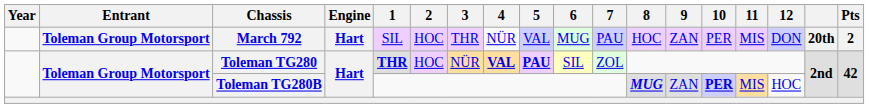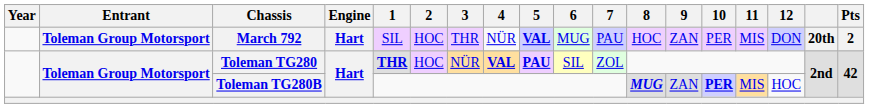 <table class="wikitable" style="text-align:center; font-size:85%">
 <tr>
 <th>Year</th>
 <th>Entrant</th>
 <th>Chassis</th>
 <th>Engine</th>
 <th>1</th>
 <th>2</th>
 <th>3</th>
 <th>4</th>
 <th>5</th>
 <th>6</th>
 <th>7</th>
 <th>8</th>
 <th>9</th>
 <th>10</th>
 <th>11</th>
 <th>12</th>
 <th></th>
 <th>Pts</th>
 </tr>
 <tr>
 <td></td>
 <th nowrap><a href='#'>Toleman Group Motorsport</a></th>
 <th nowrap><a href='#'>March 792</a></th>
 <th nowrap><a href='#'>Hart</a></th>
 <td style="background:#EFCFFF;"><a href='#'>SIL</a><br></td>
 <td style="background:#EFCFFF;"><a href='#'>HOC</a><br></td>
 <td style="background:#EFCFFF;"><a href='#'>THR</a><br></td>
 <td><a href='#'>NÜR</a><br></td>
-<td style="background:#CFCFFF;"><a href='#'>VAL</a><br></td>
+<td style="background:#CFCFFF;"><strong><a href='#'>VAL</a><br></strong></td>
 <td style="background:#DFFFDF;"><a href='#'>MUG</a><br></td>
 <td style="background:#CFCFFF;"><a href='#'>PAU</a><br></td>
 <td style="background:#EFCFFF;"><a href='#'>HOC</a><br></td>
 <td style="background:#EFCFFF;"><a href='#'>ZAN</a><br></td>
 <td style="background:#EFCFFF;"><a href='#'>PER</a><br></td>
 <td style="background:#EFCFFF;"><a href='#'>MIS</a><br></td>
 <td style="background:#CFCFFF;"><a href='#'>DON</a><br></td>
 <th>20th</th>
 <th>2</th>
 </tr>
 <tr>
 <td rowspan=2></td>
 <th rowspan=2 nowrap><a href='#'>Toleman Group Motorsport</a></th>
 <th nowrap><a href='#'>Toleman TG280</a></th>
 <th rowspan=2 nowrap><a href='#'>Hart</a></th>
 <td style="background:#DFDFDF;"><strong><a href='#'>THR</a></strong><br></td>
 <td style="background:#EFCFFF;"><a href='#'>HOC</a><br></td>
 <td style="background:#FFDF9F;"><a href='#'>NÜR</a><br></td>
 <td style="background:#FFDF9F;"><strong><a href='#'>VAL</a></strong><br></td>
 <td style="background:#EFCFFF;"><strong><a href='#'>PAU</a></strong><br></td>
 <td style="background:#FFFFBF;"><a href='#'>SIL</a><br></td>
 <td style="background:#DFFFDF;"><a href='#'>ZOL</a><br></td>
 <td colspan=5></td>
 <td rowspan=2 style="background:#DFDFDF;"><strong>2nd</strong></td>
 <td rowspan=2 style="background:#DFDFDF;"><strong>42</strong></td>
 </tr>
 <tr>
 <th nowrap><a href='#'>Toleman TG280B</a></th>
 <td colspan=7></td>
 <td style="background:#DFDFDF;"><strong><em><a href='#'>MUG</a></em></strong><br></td>
 <td style="background:#DFDFDF;"><a href='#'>ZAN</a><br></td>
 <td style="background:#CFCFFF;"><strong><a href='#'>PER</a><br></strong></td>
 <td style="background:#FFDF9F;"><a href='#'>MIS</a><br></td>
 <td><a href='#'>HOC</a></td>
 </tr>
 <tr>
 <th colspan="20"></th>
 </tr>
 </table>
